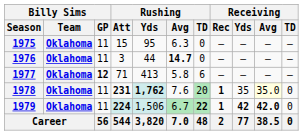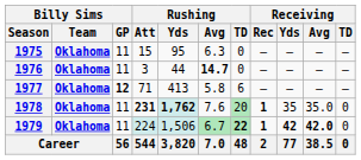 <table class="wikitable" style="text-align:center;">
 <tr>
 <th colspan="3">Billy Sims</th>
 <th colspan="4">Rushing</th>
 <th colspan="4">Receiving</th>
 </tr>
 <tr>
 <th>Season</th>
 <th>Team</th>
 <th>GP</th>
 <th>Att</th>
 <th>Yds</th>
 <th>Avg</th>
 <th>TD</th>
 <th>Rec</th>
 <th>Yds</th>
 <th>Avg</th>
 <th>TD</th>
 </tr>
 <tr>
 <th><a href='#'>1975</a></th>
 <th><a href='#'>Oklahoma</a></th>
 <td>11</td>
 <td>15</td>
 <td>95</td>
 <td>6.3</td>
 <td>0</td>
 <td>—</td>
 <td>—</td>
 <td>—</td>
 <td>—</td>
 </tr>
 <tr>
 <th><a href='#'>1976</a></th>
 <th><a href='#'>Oklahoma</a></th>
 <td>11</td>
 <td>3</td>
 <td>44</td>
 <td><strong>14.7</strong></td>
 <td>0</td>
 <td>—</td>
 <td>—</td>
 <td>—</td>
 <td>—</td>
 </tr>
 <tr>
 <th><a href='#'>1977</a></th>
 <th><a href='#'>Oklahoma</a></th>
 <td><strong>12</strong></td>
 <td>71</td>
 <td>413</td>
 <td>5.8</td>
 <td>6</td>
 <td>—</td>
 <td>—</td>
 <td>—</td>
 <td>—</td>
 </tr>
 <tr>
 <th><a href='#'>1978</a></th>
 <th><a href='#'>Oklahoma</a></th>
 <td>11</td>
 <td><strong>231</strong></td>
 <td style="background:#cfecec;"><strong>1,762</strong></td>
 <td>7.6</td>
 <td style="background:#afe6ba;">20</td>
 <td><strong>1</strong></td>
 <td>35</td>
-<td style="background: lightyellow;">35.0</td>
+<td>35.0</td>
 <td>0</td>
 </tr>
 <tr>
 <th><a href='#'>1979</a></th>
 <th><a href='#'>Oklahoma</a></th>
 <td>11</td>
-<td style="background:#cfecec;"><strong>224</strong></td>
+<td style="background:#cfecec;">224</td>
 <td style="background:#cfecec;">1,506</td>
 <td style="background:#afe6ba;">6.7</td>
 <td style="background:#afe6ba;"><strong>22</strong></td>
 <td><strong>1</strong></td>
 <td><strong>42</strong></td>
 <td><strong>42.0</strong></td>
 <td>0</td>
 </tr>
 <tr>
 <th colspan="2">Career</th>
 <th>56</th>
 <th>544</th>
 <th>3,820</th>
 <th>7.0</th>
 <th>48</th>
 <th>2</th>
 <th>77</th>
 <th>38.5</th>
 <th>0</th>
 </tr>
 </table>
